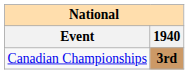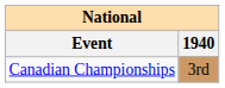 <table class="wikitable" style="text-align:center">
 <tr>
 <th style="background-color: #ffdead; " colspan=2 align=center>National</th>
 </tr>
 <tr>
 <th>Event</th>
 <th>1940</th>
 </tr>
 <tr>
 <td align=left><a href='#'>Canadian Championships</a></td>
-<td bgcolor=cc9966><strong>3rd</strong></td>
+<td bgcolor=cc9966>3rd</td>
 </tr>
 </table>
